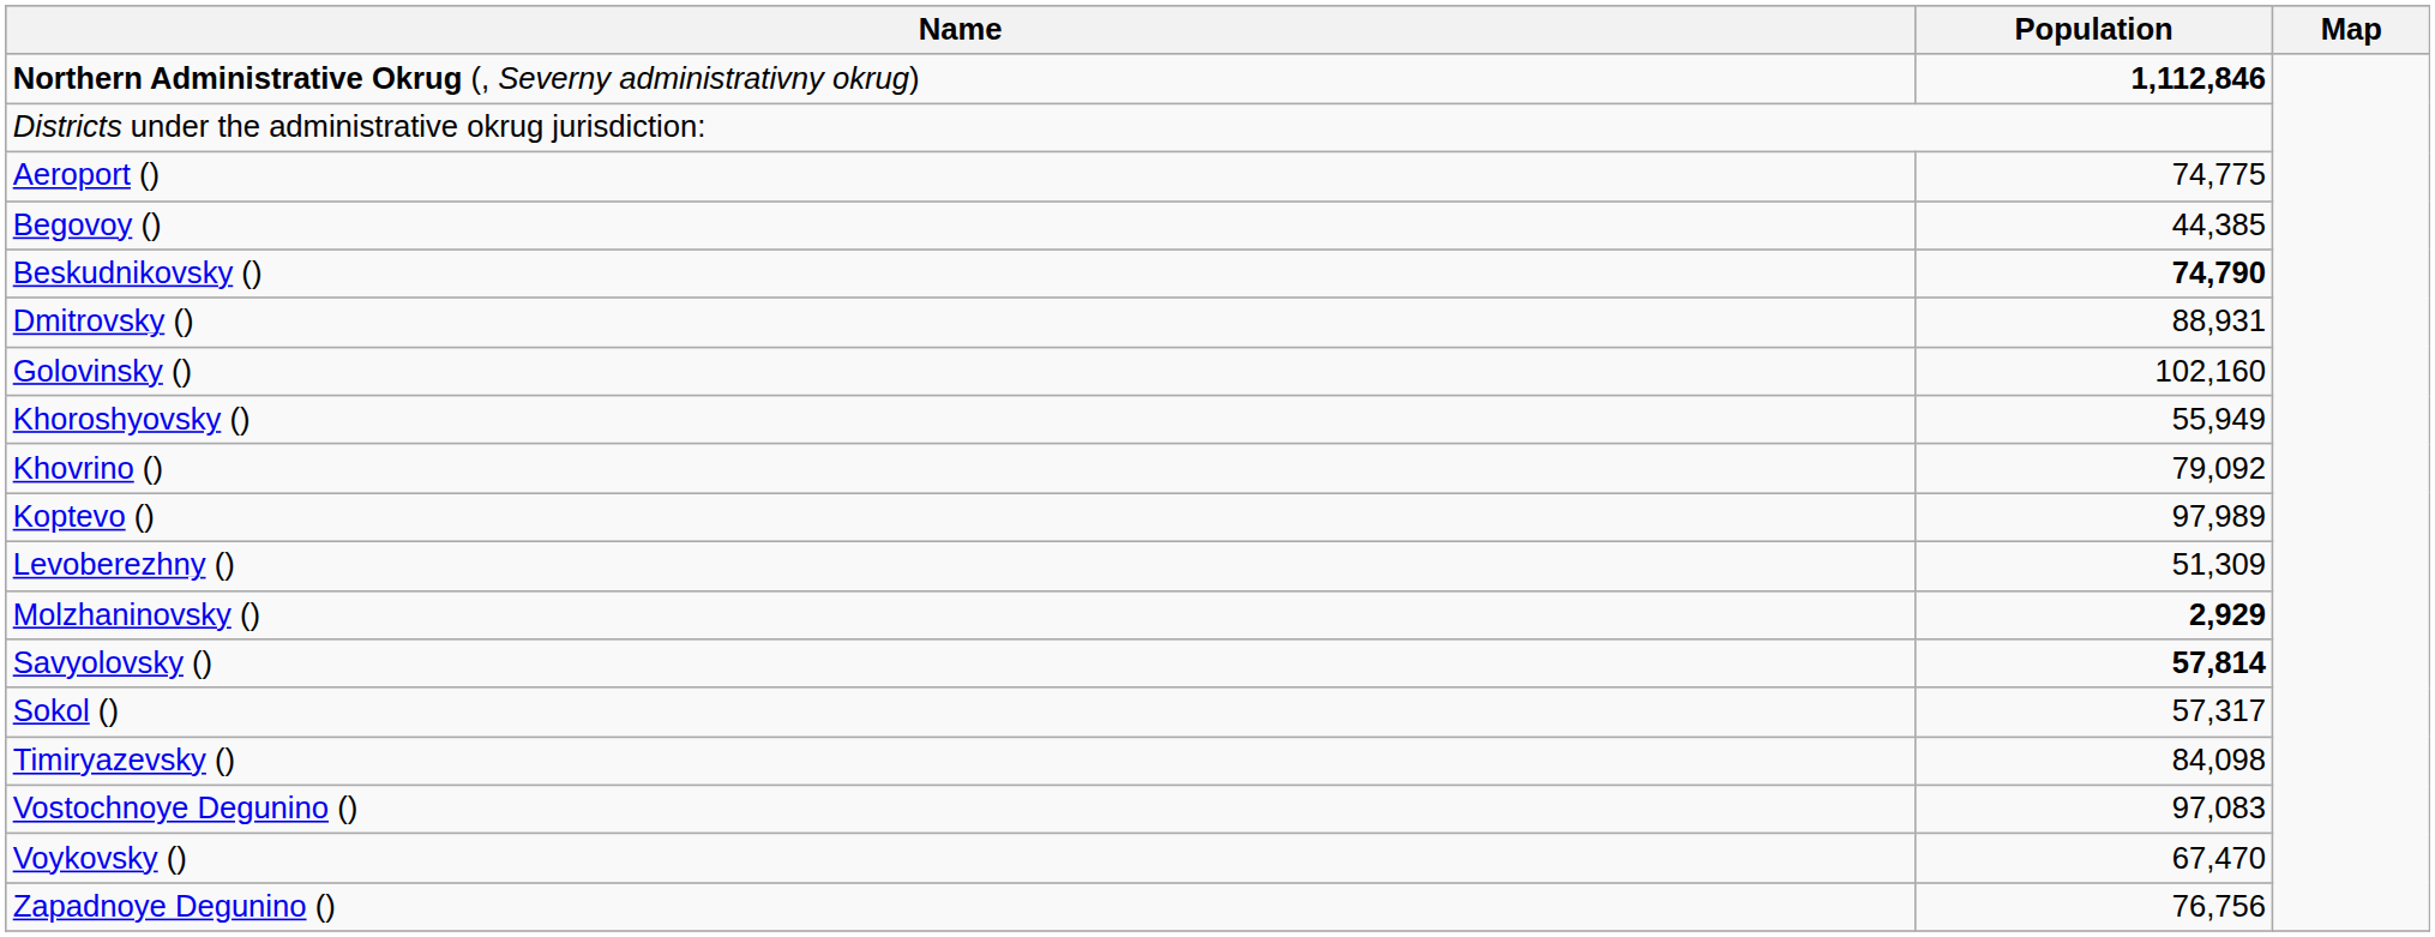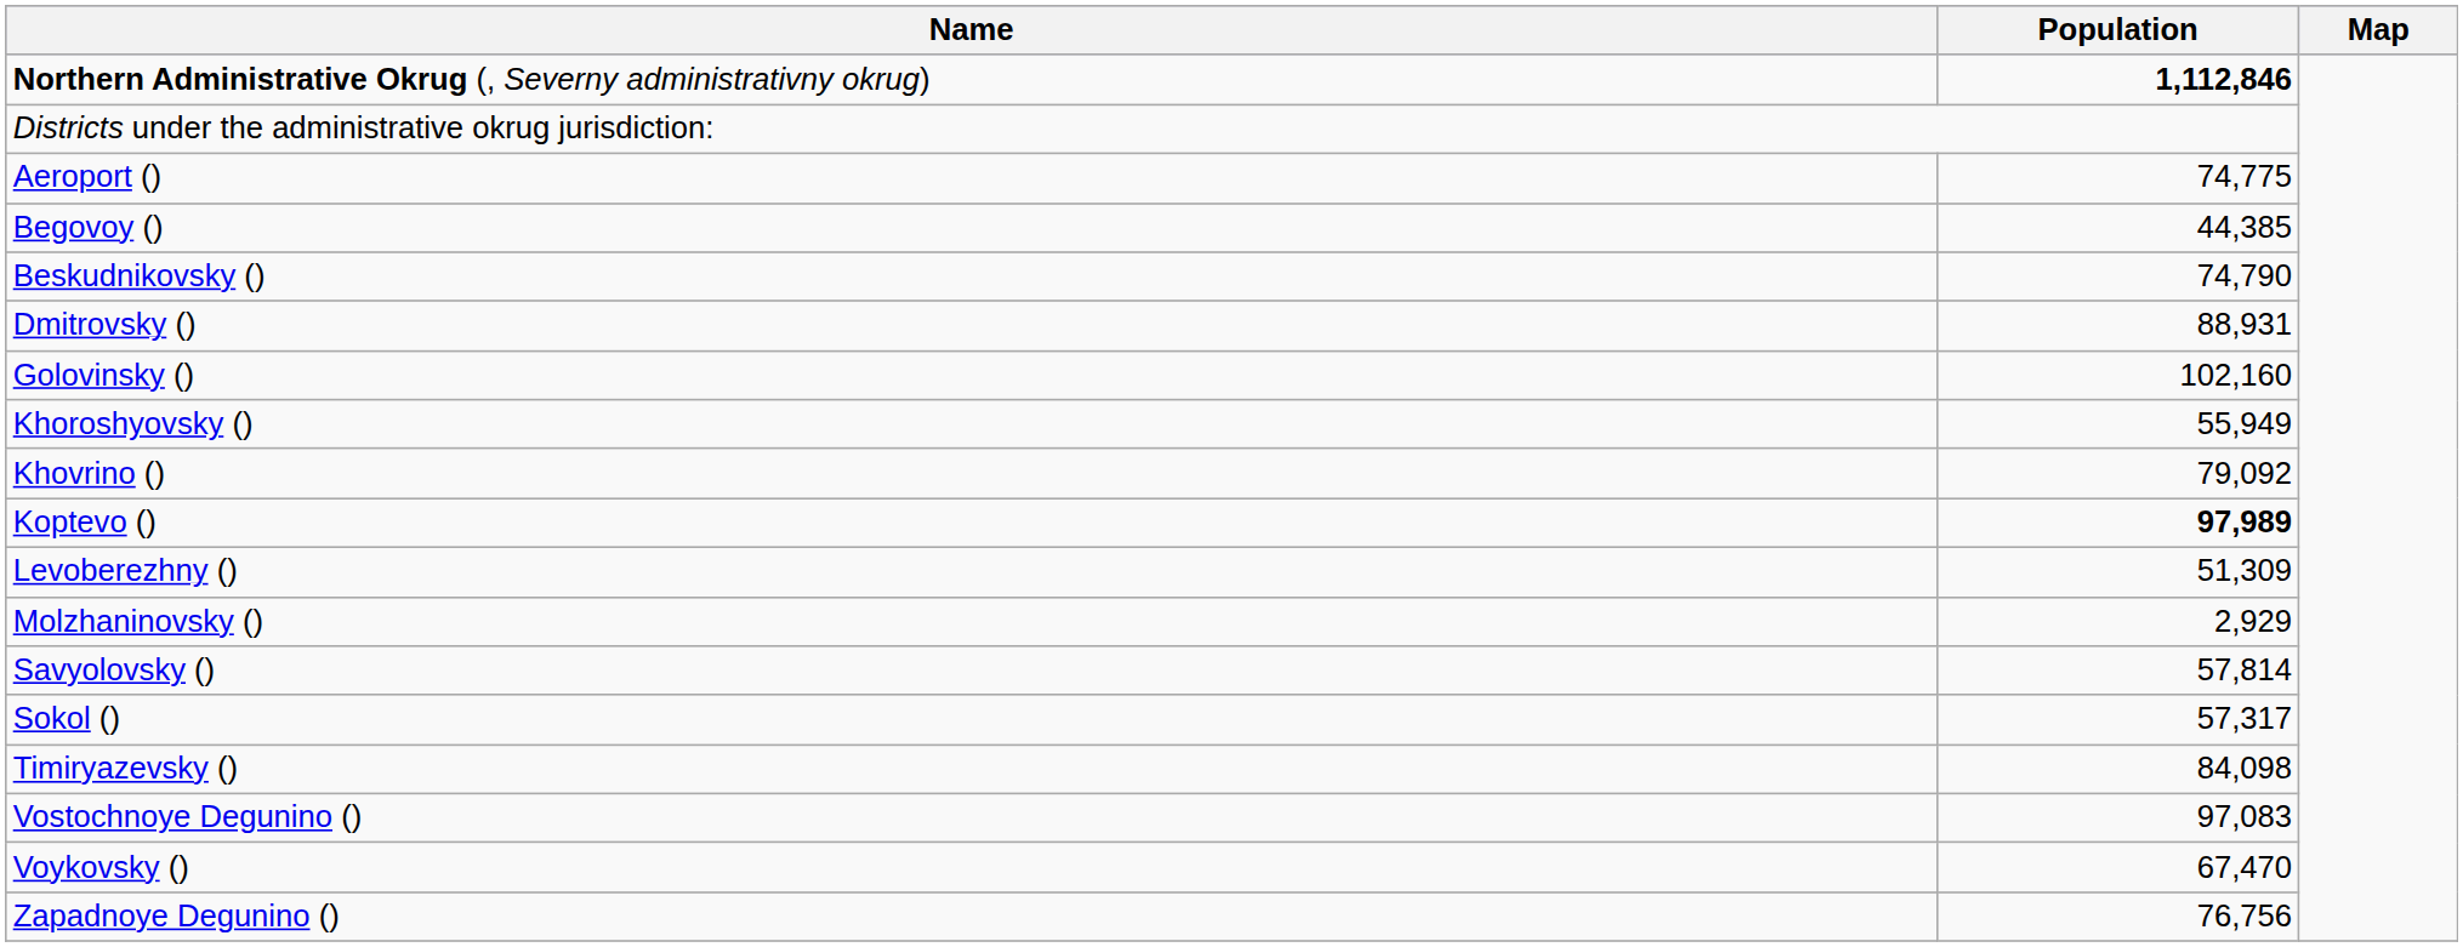 <table width=100% class="wikitable">
 <tr bgcolor="#CCCCFF" align="left">
 <th>Name</th>
 <th>Population</th>
 <th>Map</th>
 </tr>
 <tr>
 <td><strong>Northern Administrative Okrug</strong> (, <em>Severny administrativny okrug</em>)</td>
 <td align="right"><strong>1,112,846</strong></td>
 <td rowspan=18></td>
 </tr>
 <tr>
 <td colspan=2><em>Districts</em> under the administrative okrug jurisdiction:</td>
 </tr>
 <tr>
 <td><a href='#'>Aeroport</a> ()</td>
 <td align="right">74,775</td>
 </tr>
 <tr>
 <td><a href='#'>Begovoy</a> ()</td>
 <td align="right">44,385</td>
 </tr>
 <tr>
 <td><a href='#'>Beskudnikovsky</a> ()</td>
-<td align="right"><strong>74,790</strong></td>
+<td align="right">74,790</td>
 </tr>
 <tr>
 <td><a href='#'>Dmitrovsky</a> ()</td>
 <td align="right">88,931</td>
 </tr>
 <tr>
 <td><a href='#'>Golovinsky</a> ()</td>
 <td align="right">102,160</td>
 </tr>
 <tr>
 <td><a href='#'>Khoroshyovsky</a> ()</td>
 <td align="right">55,949</td>
 </tr>
 <tr>
 <td><a href='#'>Khovrino</a> ()</td>
 <td align="right">79,092</td>
 </tr>
 <tr>
 <td><a href='#'>Koptevo</a> ()</td>
-<td align="right">97,989</td>
+<td align="right"><strong>97,989</strong></td>
 </tr>
 <tr>
 <td><a href='#'>Levoberezhny</a> ()</td>
 <td align="right">51,309</td>
 </tr>
 <tr>
 <td><a href='#'>Molzhaninovsky</a> ()</td>
-<td align="right"><strong>2,929</strong></td>
+<td align="right">2,929</td>
 </tr>
 <tr>
 <td><a href='#'>Savyolovsky</a> ()</td>
-<td align="right"><strong>57,814</strong></td>
+<td align="right">57,814</td>
 </tr>
 <tr>
 <td><a href='#'>Sokol</a> ()</td>
 <td align="right">57,317</td>
 </tr>
 <tr>
 <td><a href='#'>Timiryazevsky</a> ()</td>
 <td align="right">84,098</td>
 </tr>
 <tr>
 <td><a href='#'>Vostochnoye Degunino</a> ()</td>
 <td align="right">97,083</td>
 </tr>
 <tr>
 <td><a href='#'>Voykovsky</a> ()</td>
 <td align="right">67,470</td>
 </tr>
 <tr>
 <td><a href='#'>Zapadnoye Degunino</a> ()</td>
 <td align="right">76,756</td>
 </tr>
 </table>
